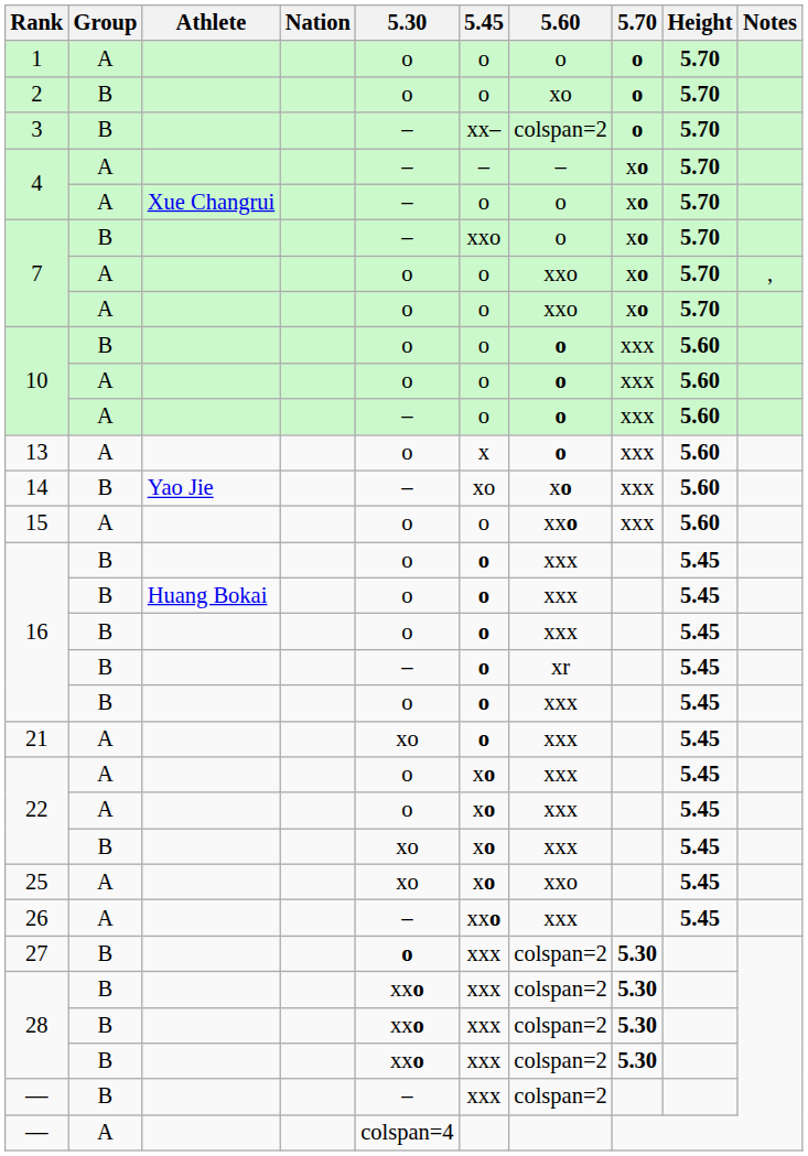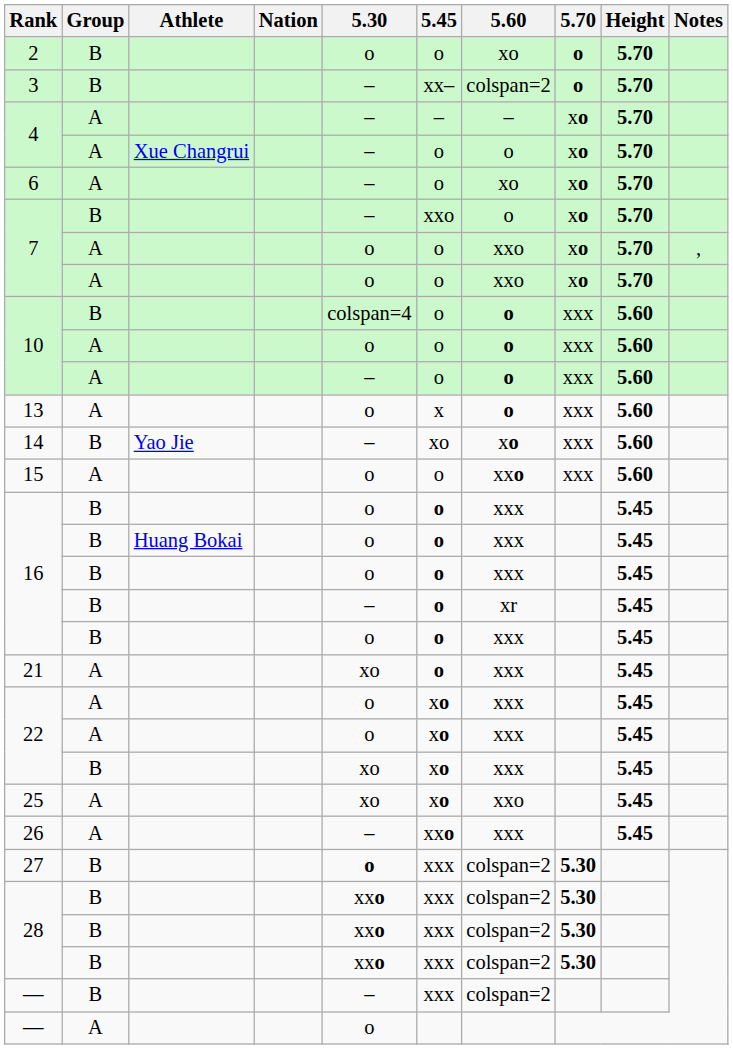 <table class="wikitable sortable" style="text-align:center">
 <tr>
 <th>Rank</th>
 <th>Group</th>
 <th>Athlete</th>
 <th>Nation</th>
 <th>5.30</th>
 <th>5.45</th>
 <th>5.60</th>
 <th>5.70</th>
 <th>Height</th>
 <th>Notes</th>
-</tr>
-<tr style="background:#ccf9cc;">
-<td>1</td>
-<td>A</td>
-<td align=left></td>
-<td align=left></td>
-<td>o</td>
-<td>o</td>
-<td>o</td>
-<td><strong>o</strong></td>
-<td><strong>5.70</strong></td>
-<td></td>
 </tr>
 <tr style="background:#ccf9cc;">
 <td>2</td>
 <td>B</td>
 <td align=left></td>
 <td align=left></td>
 <td>o</td>
 <td>o</td>
 <td>xo</td>
 <td><strong>o</strong></td>
 <td><strong>5.70</strong></td>
 <td></td>
 </tr>
 <tr style="background:#ccf9cc;">
 <td>3</td>
 <td>B</td>
 <td align=left></td>
 <td align=left></td>
 <td>–</td>
 <td>xx–</td>
 <td>colspan=2 </td>
 <td><strong>o</strong></td>
 <td><strong>5.70</strong></td>
 <td></td>
 </tr>
 <tr style="background:#ccf9cc;">
 <td rowspan=2>4</td>
 <td>A</td>
 <td align=left></td>
 <td align=left></td>
 <td>–</td>
 <td>–</td>
 <td>–</td>
 <td>x<strong>o</strong></td>
 <td><strong>5.70</strong></td>
 <td></td>
 </tr>
 <tr style="background:#ccf9cc;">
 <td>A</td>
 <td align=left><a href='#'>Xue Changrui</a></td>
 <td align=left></td>
 <td>–</td>
 <td>o</td>
 <td>o</td>
 <td>x<strong>o</strong></td>
 <td><strong>5.70</strong></td>
 <td></td>
 </tr>
 <tr style="background:#ccf9cc;">
+<td>6</td>
+<td>A</td>
+<td align=left></td>
+<td align=left></td>
+<td>–</td>
+<td>o</td>
+<td>xo</td>
+<td>x<strong>o</strong></td>
+<td><strong>5.70</strong></td>
+<td></td>
+</tr>
+<tr style="background:#ccf9cc;">
 <td rowspan=3>7</td>
 <td>B</td>
 <td align=left></td>
 <td align=left></td>
 <td>–</td>
 <td>xxo</td>
 <td>o</td>
 <td>x<strong>o</strong></td>
 <td><strong>5.70</strong></td>
 <td></td>
 </tr>
 <tr style="background:#ccf9cc;">
 <td>A</td>
 <td align=left></td>
 <td align=left></td>
 <td>o</td>
 <td>o</td>
 <td>xxo</td>
 <td>x<strong>o</strong></td>
 <td><strong>5.70</strong></td>
 <td>, </td>
 </tr>
 <tr style="background:#ccf9cc;">
 <td>A</td>
 <td align=left></td>
 <td align=left></td>
 <td>o</td>
 <td>o</td>
 <td>xxo</td>
 <td>x<strong>o</strong></td>
 <td><strong>5.70</strong></td>
 <td></td>
 </tr>
 <tr style="background:#ccf9cc;">
 <td rowspan=3>10</td>
 <td>B</td>
 <td align=left></td>
 <td align=left></td>
-<td>o</td>
+<td>colspan=4 </td>
 <td>o</td>
 <td><strong>o</strong></td>
 <td>xxx</td>
 <td><strong>5.60</strong></td>
 <td></td>
 </tr>
 <tr style="background:#ccf9cc;">
 <td>A</td>
 <td align=left></td>
 <td align=left></td>
 <td>o</td>
 <td>o</td>
 <td><strong>o</strong></td>
 <td>xxx</td>
 <td><strong>5.60</strong></td>
 <td></td>
 </tr>
 <tr style="background:#ccf9cc;">
 <td>A</td>
 <td align=left></td>
 <td align=left></td>
 <td>–</td>
 <td>o</td>
 <td><strong>o</strong></td>
 <td>xxx</td>
 <td><strong>5.60</strong></td>
 <td></td>
 </tr>
 <tr>
 <td>13</td>
 <td>A</td>
 <td align=left></td>
 <td align=left></td>
 <td>o</td>
 <td>x</td>
 <td><strong>o</strong></td>
 <td>xxx</td>
 <td><strong>5.60</strong></td>
 <td></td>
 </tr>
 <tr>
 <td>14</td>
 <td>B</td>
 <td align=left><a href='#'>Yao Jie</a></td>
 <td align=left></td>
 <td>–</td>
 <td>xo</td>
 <td>x<strong>o</strong></td>
 <td>xxx</td>
 <td><strong>5.60</strong></td>
 <td></td>
 </tr>
 <tr>
 <td>15</td>
 <td>A</td>
 <td align=left></td>
 <td align=left></td>
 <td>o</td>
 <td>o</td>
 <td>xx<strong>o</strong></td>
 <td>xxx</td>
 <td><strong>5.60</strong></td>
 <td></td>
 </tr>
 <tr>
 <td rowspan=5>16</td>
 <td>B</td>
 <td align=left></td>
 <td align=left></td>
 <td>o</td>
 <td><strong>o</strong></td>
 <td>xxx</td>
 <td></td>
 <td><strong>5.45</strong></td>
 <td></td>
 </tr>
 <tr>
 <td>B</td>
 <td align=left><a href='#'>Huang Bokai</a></td>
 <td align=left></td>
 <td>o</td>
 <td><strong>o</strong></td>
 <td>xxx</td>
 <td></td>
 <td><strong>5.45</strong></td>
 <td></td>
 </tr>
 <tr>
 <td>B</td>
 <td align=left></td>
 <td align=left></td>
 <td>o</td>
 <td><strong>o</strong></td>
 <td>xxx</td>
 <td></td>
 <td><strong>5.45</strong></td>
 <td></td>
 </tr>
 <tr>
 <td>B</td>
 <td align=left></td>
 <td align=left></td>
 <td>–</td>
 <td><strong>o</strong></td>
 <td>xr</td>
 <td></td>
 <td><strong>5.45</strong></td>
 <td></td>
 </tr>
 <tr>
 <td>B</td>
 <td align=left></td>
 <td align=left></td>
 <td>o</td>
 <td><strong>o</strong></td>
 <td>xxx</td>
 <td></td>
 <td><strong>5.45</strong></td>
 <td></td>
 </tr>
 <tr>
 <td>21</td>
 <td>A</td>
 <td align=left></td>
 <td align=left></td>
 <td>xo</td>
 <td><strong>o</strong></td>
 <td>xxx</td>
 <td></td>
 <td><strong>5.45</strong></td>
 <td></td>
 </tr>
 <tr>
 <td rowspan=3>22</td>
 <td>A</td>
 <td align=left></td>
 <td align=left></td>
 <td>o</td>
 <td>x<strong>o</strong></td>
 <td>xxx</td>
 <td></td>
 <td><strong>5.45</strong></td>
 <td></td>
 </tr>
 <tr>
 <td>A</td>
 <td align=left></td>
 <td align=left></td>
 <td>o</td>
 <td>x<strong>o</strong></td>
 <td>xxx</td>
 <td></td>
 <td><strong>5.45</strong></td>
 <td></td>
 </tr>
 <tr>
 <td>B</td>
 <td align=left></td>
 <td align=left></td>
 <td>xo</td>
 <td>x<strong>o</strong></td>
 <td>xxx</td>
 <td></td>
 <td><strong>5.45</strong></td>
 <td></td>
 </tr>
 <tr>
 <td>25</td>
 <td>A</td>
 <td align=left></td>
 <td align=left></td>
 <td>xo</td>
 <td>x<strong>o</strong></td>
 <td>xxo</td>
 <td></td>
 <td><strong>5.45</strong></td>
 <td></td>
 </tr>
 <tr>
 <td>26</td>
 <td>A</td>
 <td align=left></td>
 <td align=left></td>
 <td>–</td>
 <td>xx<strong>o</strong></td>
 <td>xxx</td>
 <td></td>
 <td><strong>5.45</strong></td>
 <td></td>
 </tr>
 <tr>
 <td>27</td>
 <td>B</td>
 <td align=left></td>
 <td align=left></td>
 <td><strong>o</strong></td>
 <td>xxx</td>
 <td>colspan=2 </td>
 <td><strong>5.30</strong></td>
 <td></td>
 </tr>
 <tr>
 <td rowspan=3>28</td>
 <td>B</td>
 <td align=left></td>
 <td align=left></td>
 <td>xx<strong>o</strong></td>
 <td>xxx</td>
 <td>colspan=2 </td>
 <td><strong>5.30</strong></td>
 <td></td>
 </tr>
 <tr>
 <td>B</td>
 <td align=left></td>
 <td align=left></td>
 <td>xx<strong>o</strong></td>
 <td>xxx</td>
 <td>colspan=2 </td>
 <td><strong>5.30</strong></td>
 <td></td>
 </tr>
 <tr>
 <td>B</td>
 <td align=left></td>
 <td align=left></td>
 <td>xx<strong>o</strong></td>
 <td>xxx</td>
 <td>colspan=2 </td>
 <td><strong>5.30</strong></td>
 <td></td>
 </tr>
 <tr>
 <td data-sort-value=31>—</td>
 <td>B</td>
 <td align=left></td>
 <td align=left></td>
 <td>–</td>
 <td>xxx</td>
 <td>colspan=2 </td>
 <td data-sort-value=1.00></td>
 <td></td>
 </tr>
 <tr>
 <td data-sort-value=32>—</td>
 <td>A</td>
 <td align=left></td>
 <td align=left></td>
-<td>colspan=4 </td>
+<td>o</td>
 <td data-sort-value=0.00></td>
 <td></td>
 </tr>
 </table>
